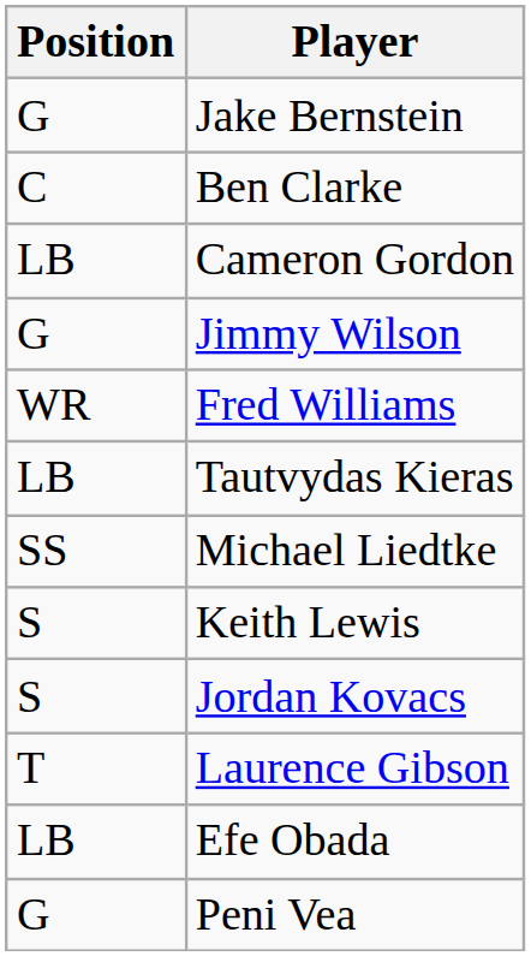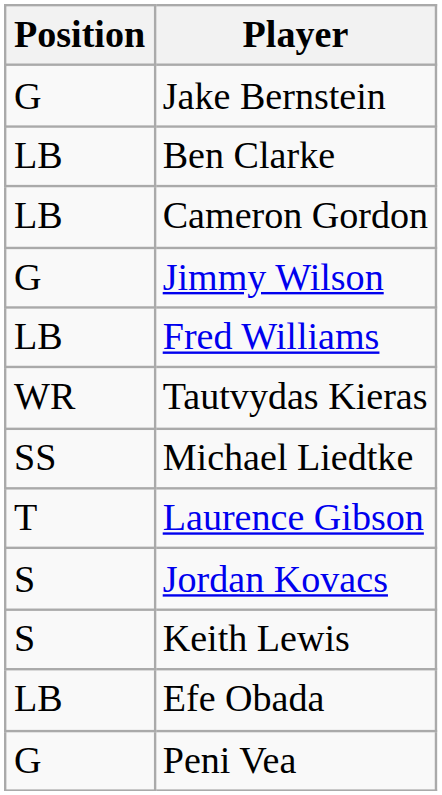 <table class="wikitable sortable">
 <tr>
 <th>Position</th>
 <th>Player</th>
 </tr>
 <tr>
 <td>G</td>
 <td>Jake Bernstein</td>
 </tr>
 <tr>
-<td>C</td>
+<td>LB</td>
 <td>Ben Clarke</td>
 </tr>
 <tr>
 <td>LB</td>
 <td>Cameron Gordon</td>
 </tr>
 <tr>
 <td>G</td>
 <td><a href='#'>Jimmy Wilson</a></td>
 </tr>
 <tr>
-<td>WR</td>
+<td>LB</td>
 <td><a href='#'>Fred Williams</a></td>
 </tr>
 <tr>
-<td>LB</td>
+<td>WR</td>
 <td>Tautvydas Kieras</td>
 </tr>
 <tr>
 <td>SS</td>
 <td>Michael Liedtke</td>
 </tr>
 <tr>
-<td>S</td>
-<td>Keith Lewis</td>
+<td>T</td>
+<td><a href='#'>Laurence Gibson</a></td>
 </tr>
 <tr>
 <td>S</td>
 <td><a href='#'>Jordan Kovacs</a></td>
 </tr>
 <tr>
-<td>T</td>
-<td><a href='#'>Laurence Gibson</a></td>
+<td>S</td>
+<td>Keith Lewis</td>
 </tr>
 <tr>
 <td>LB</td>
 <td>Efe Obada</td>
 </tr>
 <tr>
 <td>G</td>
 <td>Peni Vea</td>
 </tr>
 </table>
